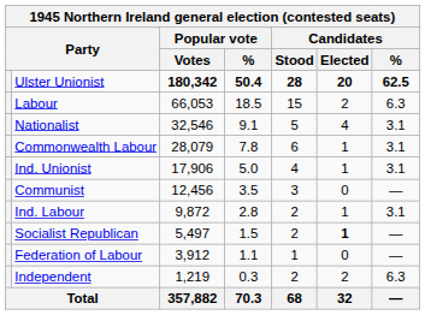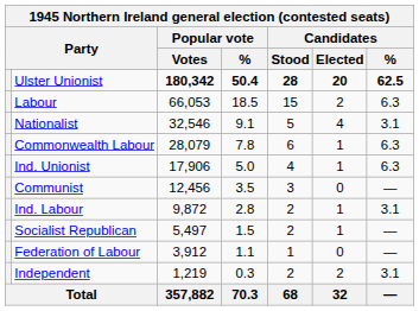 <table class="wikitable" style="font-size:95%">
 <tr>
 <th colspan="16" style="background-color:#f2f2f2">1945 Northern Ireland general election (contested seats)</th>
 </tr>
 <tr style="vertical-align:center;">
 <th style="width:150px;" "vertical-align:center;" rowspan="2" colspan="2">Party</th>
 <th colspan="2" style="width: 30px">Popular vote</th>
 <th colspan="3" style="width: 30px">Candidates</th>
 </tr>
 <tr>
 <th style="width:65px;">Votes</th>
 <th style="width:45px;">%</th>
 <th>Stood</th>
 <th>Elected</th>
 <th style="width:45px;">%</th>
 </tr>
 <tr>
 <th style="background-color: "></th>
 <td><a href='#'>Ulster Unionist</a></td>
 <td align="center"><strong>180,342</strong></td>
 <td align="center"><strong>50.4</strong></td>
 <td align="center"><strong>28</strong></td>
 <td align="center"><strong>20</strong></td>
 <td align="center"><strong>62.5</strong></td>
 </tr>
 <tr>
 <th style="background-color: "></th>
 <td><a href='#'>Labour</a></td>
 <td align="center">66,053</td>
 <td align="center">18.5</td>
 <td align="center">15</td>
 <td align="center">2</td>
 <td align="center">6.3</td>
 </tr>
 <tr>
 <th style="background-color: "></th>
 <td><a href='#'>Nationalist</a></td>
 <td align="center">32,546</td>
 <td align="center">9.1</td>
 <td align="center">5</td>
 <td align="center">4</td>
 <td align="center">3.1</td>
 </tr>
 <tr>
 <th style="background-color: "></th>
 <td><a href='#'>Commonwealth Labour</a></td>
 <td align="center">28,079</td>
 <td align="center">7.8</td>
 <td align="center">6</td>
 <td align="center">1</td>
-<td align="center">3.1</td>
+<td align="center">6.3</td>
 </tr>
 <tr>
 <th style="background-color: "></th>
 <td><a href='#'>Ind. Unionist</a></td>
 <td align="center">17,906</td>
 <td align="center">5.0</td>
 <td align="center">4</td>
 <td align="center">1</td>
-<td align="center">3.1</td>
+<td align="center">6.3</td>
 </tr>
 <tr>
 <th style="background-color: "></th>
 <td><a href='#'>Communist</a></td>
 <td align="center">12,456</td>
 <td align="center">3.5</td>
 <td align="center">3</td>
 <td align="center">0</td>
 <td align="center">—</td>
 </tr>
 <tr>
 <th style="background-color: "></th>
 <td><a href='#'>Ind. Labour</a></td>
 <td align="center">9,872</td>
 <td align="center">2.8</td>
 <td align="center">2</td>
 <td align="center">1</td>
 <td align="center">3.1</td>
 </tr>
 <tr>
 <th style="background-color: "></th>
 <td><a href='#'>Socialist Republican</a></td>
 <td align="center">5,497</td>
 <td align="center">1.5</td>
 <td align="center">2</td>
-<td align="center"><strong>1</strong></td>
+<td align="center">1</td>
 <td align="center">—</td>
 </tr>
 <tr>
 <th style="background-color: "></th>
 <td><a href='#'>Federation of Labour</a></td>
 <td align="center">3,912</td>
 <td align="center">1.1</td>
 <td align="center">1</td>
 <td align="center">0</td>
 <td align="center">—</td>
 </tr>
 <tr>
 <th style="background-color: "></th>
 <td><a href='#'>Independent</a></td>
 <td align="center">1,219</td>
 <td align="center">0.3</td>
 <td align="center">2</td>
 <td align="center">2</td>
-<td align="center">6.3</td>
+<td align="center">3.1</td>
 </tr>
 <tr>
 <th style="width:150px;" "vertical-align:center;" colspan="2">Total</th>
 <th align="center">357,882</th>
 <th align="center">70.3</th>
 <th align="center">68</th>
 <th align="center">32</th>
 <th align="center">—</th>
 </tr>
 </table>
